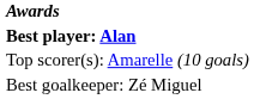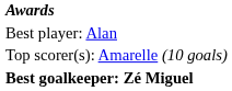 <table width=100% cellspacing=1 style="font-size: 90%;">
 <tr>
 <td><strong><em>Awards</em></strong></td>
 </tr>
 <tr>
-<td><strong>Best player:  <a href='#'>Alan</a></strong></td>
+<td>Best player:  <a href='#'>Alan</a></td>
 </tr>
 <tr>
 <td colspan=4>Top scorer(s):  <a href='#'>Amarelle</a> <em>(10 goals)</em></td>
 </tr>
 <tr>
-<td>Best goalkeeper:  Zé Miguel</td>
+<td><strong>Best goalkeeper:  Zé Miguel</strong></td>
 </tr>
 </table>
